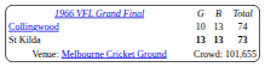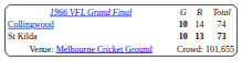 <table style="margin-right:4px; margin-top:8px; float:right; border:1px #000 solid; border-radius:8px; background:#fff; font-family:Verdana; font-size:8pt; text-align:center;">
 <tr>
 <td width=200><em><a href='#'>1966 VFL Grand Final</a></em></td>
 <td><em>G</em></td>
 <td><em>B</em></td>
 <td><em>Total</em></td>
 </tr>
 <tr>
 <td style="text-align:left"><a href='#'>Collingwood</a></td>
-<td>10</td>
-<td>13</td>
+<td><strong>10</strong></td>
+<td>14</td>
 <td>74</td>
 </tr>
 <tr>
 <td style="text-align:left">St Kilda</td>
-<td><strong>13</strong></td>
+<td><strong>10</strong></td>
 <td><strong>13</strong></td>
 <td><strong>73</strong></td>
 </tr>
 <tr>
 <td>Venue: <a href='#'>Melbourne Cricket Ground</a></td>
 <td colspan=3>Crowd: 101,655</td>
 </tr>
 </table>
